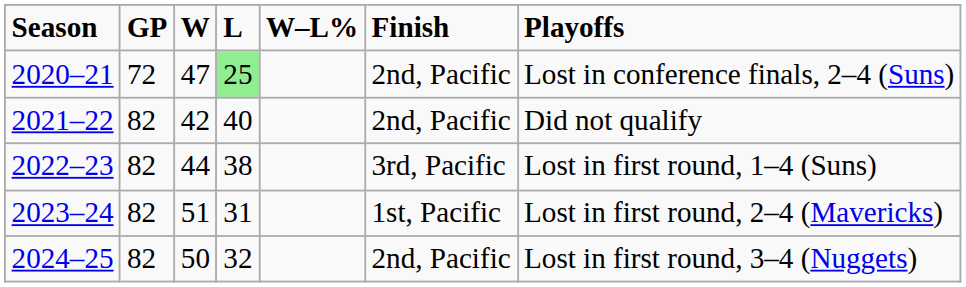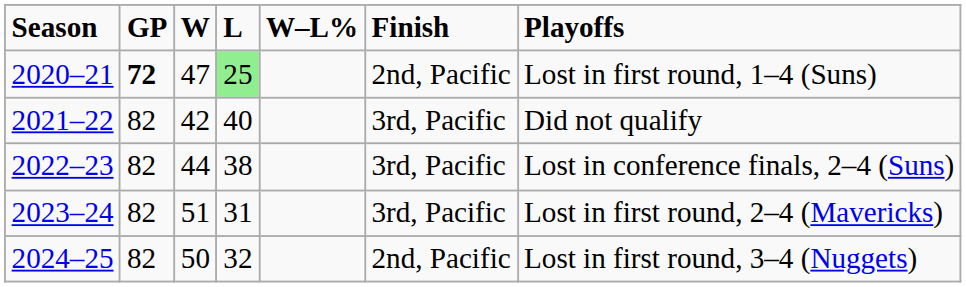 <table class="wikitable">
 <tr style="font-weight:bold; ">
 <td>Season</td>
 <td>GP</td>
 <td>W</td>
 <td>L</td>
 <td>W–L%</td>
 <td>Finish</td>
 <td>Playoffs</td>
 </tr>
 <tr>
 <td><a href='#'>2020–21</a></td>
-<td>72</td>
+<td><strong>72</strong></td>
 <td>47</td>
 <td style="background: lightgreen;">25</td>
 <td></td>
 <td>2nd, Pacific</td>
-<td>Lost in conference finals, 2–4 (<a href='#'>Suns</a>)</td>
+<td>Lost in first round, 1–4 (Suns)</td>
 </tr>
 <tr>
 <td><a href='#'>2021–22</a></td>
 <td>82</td>
 <td>42</td>
 <td>40</td>
 <td></td>
-<td>2nd, Pacific</td>
+<td>3rd, Pacific</td>
 <td>Did not qualify</td>
 </tr>
 <tr>
 <td><a href='#'>2022–23</a></td>
 <td>82</td>
 <td>44</td>
 <td>38</td>
 <td></td>
 <td>3rd, Pacific</td>
-<td>Lost in first round, 1–4 (Suns)</td>
+<td>Lost in conference finals, 2–4 (<a href='#'>Suns</a>)</td>
 </tr>
 <tr>
 <td><a href='#'>2023–24</a></td>
 <td>82</td>
 <td>51</td>
 <td>31</td>
 <td></td>
-<td>1st, Pacific</td>
+<td>3rd, Pacific</td>
 <td>Lost in first round, 2–4 (<a href='#'>Mavericks</a>)</td>
 </tr>
 <tr>
 <td><a href='#'>2024–25</a></td>
 <td>82</td>
 <td>50</td>
 <td>32</td>
 <td></td>
 <td>2nd, Pacific</td>
 <td>Lost in first round, 3–4 (<a href='#'>Nuggets</a>)</td>
 </tr>
 </table>
